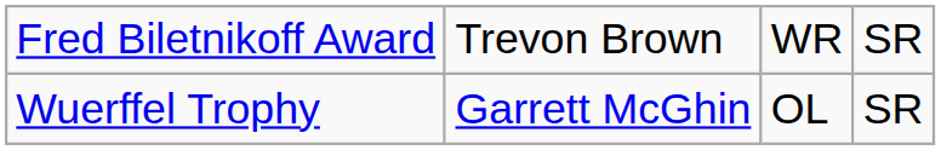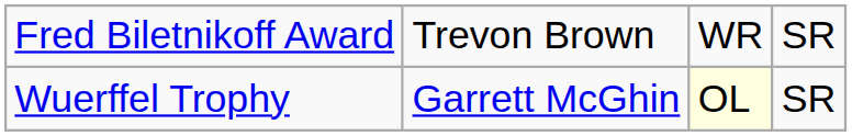 <table class="wikitable">
 <tr>
 <td><a href='#'>Fred Biletnikoff Award</a></td>
 <td>Trevon Brown</td>
 <td>WR</td>
 <td>SR</td>
 </tr>
 <tr>
 <td><a href='#'>Wuerffel Trophy</a></td>
 <td><a href='#'>Garrett McGhin</a></td>
-<td>OL</td>
+<td style="background: lightyellow;">OL</td>
 <td>SR</td>
 </tr>
 </table>
